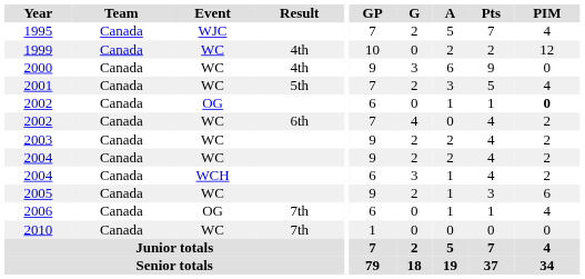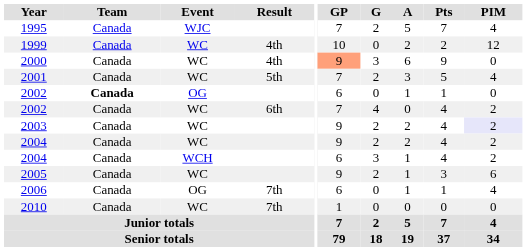 <table border="0" cellpadding="1" cellspacing="0" ID="Table3" style="text-align:center; width:40em">
 <tr ALIGN="center" bgcolor="#e0e0e0">
 <th>Year</th>
 <th>Team</th>
 <th>Event</th>
 <th>Result</th>
 <th rowspan="99" bgcolor="#ffffff"></th>
 <th>GP</th>
 <th>G</th>
 <th>A</th>
 <th>Pts</th>
 <th>PIM</th>
 </tr>
 <tr>
 <td><a href='#'>1995</a></td>
 <td><a href='#'>Canada</a></td>
 <td><a href='#'>WJC</a></td>
 <td></td>
 <td>7</td>
 <td>2</td>
 <td>5</td>
 <td>7</td>
 <td>4</td>
 </tr>
 <tr bgcolor="#f0f0f0">
 <td><a href='#'>1999</a></td>
 <td><a href='#'>Canada</a></td>
 <td><a href='#'>WC</a></td>
 <td>4th</td>
 <td>10</td>
 <td>0</td>
 <td>2</td>
 <td>2</td>
 <td>12</td>
 </tr>
 <tr>
 <td><a href='#'>2000</a></td>
 <td>Canada</td>
 <td>WC</td>
 <td>4th</td>
-<td>9</td>
+<td style="background: lightsalmon;">9</td>
 <td>3</td>
 <td>6</td>
 <td>9</td>
 <td>0</td>
 </tr>
 <tr bgcolor="#f0f0f0">
 <td><a href='#'>2001</a></td>
 <td>Canada</td>
 <td>WC</td>
 <td>5th</td>
 <td>7</td>
 <td>2</td>
 <td>3</td>
 <td>5</td>
 <td>4</td>
 </tr>
 <tr>
 <td><a href='#'>2002</a></td>
-<td>Canada</td>
+<td><strong>Canada</strong></td>
 <td><a href='#'>OG</a></td>
 <td></td>
 <td>6</td>
 <td>0</td>
 <td>1</td>
 <td>1</td>
-<td><strong>0</strong></td>
+<td>0</td>
 </tr>
 <tr bgcolor="#f0f0f0">
 <td><a href='#'>2002</a></td>
 <td>Canada</td>
 <td>WC</td>
 <td>6th</td>
 <td>7</td>
 <td>4</td>
 <td>0</td>
 <td>4</td>
 <td>2</td>
 </tr>
 <tr>
 <td><a href='#'>2003</a></td>
 <td>Canada</td>
 <td>WC</td>
 <td></td>
 <td>9</td>
 <td>2</td>
 <td>2</td>
 <td>4</td>
-<td>2</td>
+<td style="background: lavender;">2</td>
 </tr>
 <tr bgcolor="#f0f0f0">
 <td><a href='#'>2004</a></td>
 <td>Canada</td>
 <td>WC</td>
 <td></td>
 <td>9</td>
 <td>2</td>
 <td>2</td>
 <td>4</td>
 <td>2</td>
 </tr>
 <tr>
 <td><a href='#'>2004</a></td>
 <td>Canada</td>
 <td><a href='#'>WCH</a></td>
 <td></td>
 <td>6</td>
 <td>3</td>
 <td>1</td>
 <td>4</td>
 <td>2</td>
 </tr>
 <tr bgcolor="#f0f0f0">
 <td><a href='#'>2005</a></td>
 <td>Canada</td>
 <td>WC</td>
 <td></td>
 <td>9</td>
 <td>2</td>
 <td>1</td>
 <td>3</td>
 <td>6</td>
 </tr>
 <tr>
 <td><a href='#'>2006</a></td>
 <td>Canada</td>
 <td>OG</td>
 <td>7th</td>
 <td>6</td>
 <td>0</td>
 <td>1</td>
 <td>1</td>
 <td>4</td>
 </tr>
 <tr bgcolor="#f0f0f0">
 <td><a href='#'>2010</a></td>
 <td>Canada</td>
 <td>WC</td>
 <td>7th</td>
 <td>1</td>
 <td>0</td>
 <td>0</td>
 <td>0</td>
 <td>0</td>
 </tr>
 <tr bgcolor="#e0e0e0">
 <th colspan=4>Junior totals</th>
 <th>7</th>
 <th>2</th>
 <th>5</th>
 <th>7</th>
 <th>4</th>
 </tr>
 <tr bgcolor="#e0e0e0">
 <th colspan=4>Senior totals</th>
 <th>79</th>
 <th>18</th>
 <th>19</th>
 <th>37</th>
 <th>34</th>
 </tr>
 </table>
